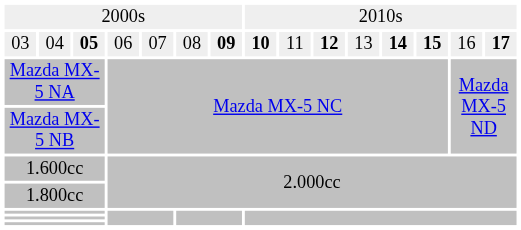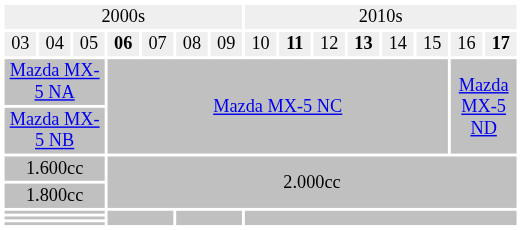 <table class="toccolours" style="margin: 0.5em auto; clear: both; font-size:80%;">
 <tr>
 <td colspan="7" align="center" style="background:#EFEFEF;">2000s</td>
 <td colspan="10" align="center" style="background:#EFEFEF;">2010s</td>
 </tr>
 <tr align="center" style="background:#EFEFEF;">
 <td width="20">03</td>
 <td width="20">04</td>
-<td width="20"><strong>05</strong></td>
-<td width="20">06</td>
+<td width="20">05</td>
+<td width="20"><strong>06</strong></td>
 <td width="20">07</td>
 <td width="20">08</td>
-<td width="20"><strong>09</strong></td>
-<td width="20"><strong>10</strong></td>
-<td width="20">11</td>
-<td width="20"><strong>12</strong></td>
-<td width="20">13</td>
-<td width="20"><strong>14</strong></td>
-<td width="20"><strong>15</strong></td>
+<td width="20">09</td>
+<td width="20">10</td>
+<td width="20"><strong>11</strong></td>
+<td width="20">12</td>
+<td width="20"><strong>13</strong></td>
+<td width="20">14</td>
+<td width="20">15</td>
 <td width="20">16</td>
 <td width="20"><strong>17</strong></td>
 </tr>
 <tr align="center">
 <td colspan="3" style="background:#C0C0C0;"><a href='#'>Mazda MX-5 NA</a></td>
 <td colspan="10" rowspan="2" style="background:#C0C0C0;"><a href='#'>Mazda MX-5 NC</a></td>
 <td colspan="2" rowspan="2" style="background:#C0C0C0;"><a href='#'>Mazda MX-5 ND</a></td>
 </tr>
 <tr align="center">
 <td colspan="3" style="background:#C0C0C0;"><a href='#'>Mazda MX-5 NB</a></td>
 </tr>
 <tr align="center">
 <td colspan="3" style="background:#C0C0C0;">1.600cc</td>
 <td colspan="12" rowspan="2" style="background:#C0C0C0;">2.000cc</td>
 </tr>
 <tr align="center">
 <td colspan="3" style="background:#C0C0C0;">1.800cc</td>
 </tr>
 <tr align="center">
 <td colspan="3" style="background:#C0C0C0;"></td>
 <td colspan="2" rowspan="3" style="background:#C0C0C0;"></td>
 <td colspan="2" rowspan="3" style="background:#C0C0C0;"></td>
 <td colspan="8" rowspan="3" style="background:#C0C0C0;"></td>
 </tr>
 <tr align="center">
 <td colspan="3" style="background:#C0C0C0;"></td>
 </tr>
 <tr align="center">
 <td colspan="3" style="background:#C0C0C0;"></td>
 </tr>
 </table>
